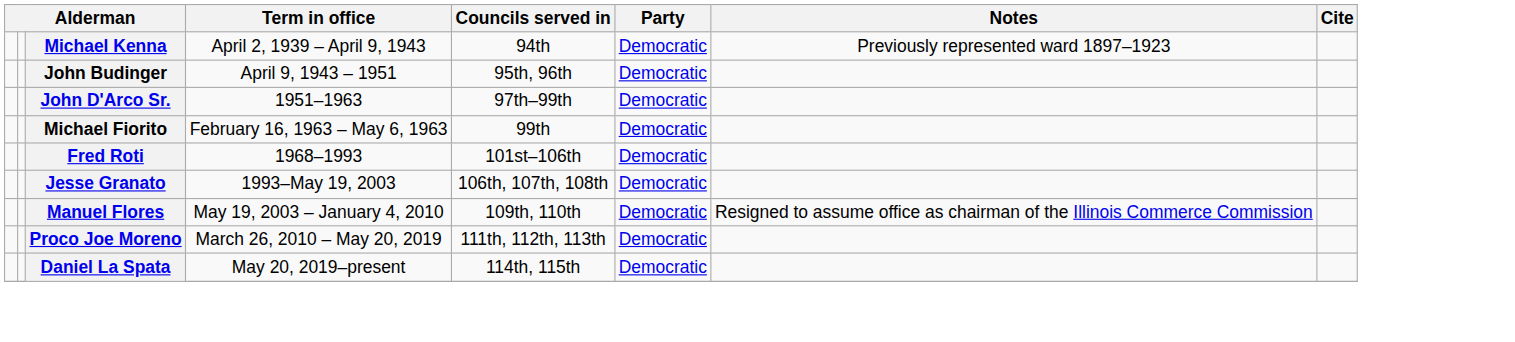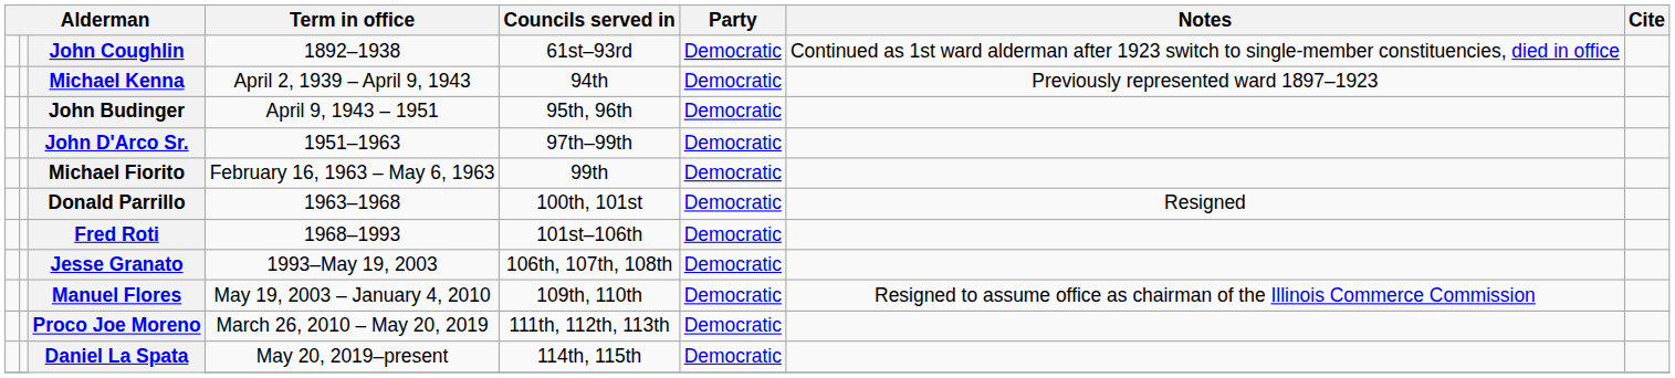 <table class="wikitable" style="text-align:center;">
 <tr>
 <th scope="col" colspan="3">Alderman</th>
 <th scope="col">Term in office</th>
 <th scope="col">Councils served in</th>
 <th scope="col">Party</th>
 <th scope="col">Notes</th>
 <th scope="col">Cite</th>
+</tr>
+<tr>
+<td> </td>
+<td></td>
+<th scope="row"><a href='#'>John Coughlin</a></th>
+<td>1892–1938</td>
+<td>61st–93rd</td>
+<td><a href='#'>Democratic</a></td>
+<td>Continued as 1st ward alderman after 1923 switch to single-member constituencies, <a href='#'>died in office</a></td>
+<td></td>
 </tr>
 <tr>
 <td> </td>
 <td></td>
 <th scope="row"><a href='#'>Michael Kenna</a></th>
 <td>April 2, 1939 – April 9, 1943</td>
 <td>94th</td>
 <td><a href='#'>Democratic</a></td>
 <td>Previously represented ward 1897–1923</td>
 <td></td>
 </tr>
 <tr>
 <td> </td>
 <td></td>
 <th scope="row">John Budinger</th>
 <td>April 9, 1943 – 1951</td>
 <td>95th, 96th</td>
 <td><a href='#'>Democratic</a></td>
 <td></td>
 <td></td>
 </tr>
 <tr>
 <td> </td>
 <td></td>
 <th scope="row"><a href='#'>John D'Arco Sr.</a></th>
 <td>1951–1963</td>
 <td>97th–99th</td>
 <td><a href='#'>Democratic</a></td>
 <td></td>
 <td></td>
 </tr>
 <tr>
 <td> </td>
 <td></td>
 <th scope="row">Michael Fiorito</th>
 <td>February 16, 1963 – May 6, 1963</td>
 <td>99th</td>
 <td><a href='#'>Democratic</a></td>
 <td></td>
+<td></td>
+</tr>
+<tr>
+<td> </td>
+<td></td>
+<th scope="row">Donald Parrillo</th>
+<td>1963–1968</td>
+<td>100th, 101st</td>
+<td><a href='#'>Democratic</a></td>
+<td>Resigned</td>
 <td></td>
 </tr>
 <tr>
 <td> </td>
 <td></td>
 <th scope="row"><a href='#'>Fred Roti</a></th>
 <td>1968–1993</td>
 <td>101st–106th</td>
 <td><a href='#'>Democratic</a></td>
 <td></td>
 <td></td>
 </tr>
 <tr>
 <td> </td>
 <td></td>
 <th scope="row"><a href='#'>Jesse Granato</a></th>
 <td>1993–May 19, 2003</td>
 <td>106th, 107th, 108th</td>
 <td><a href='#'>Democratic</a></td>
 <td></td>
 <td></td>
 </tr>
 <tr>
 <td> </td>
 <td></td>
 <th scope="row"><a href='#'>Manuel Flores</a></th>
 <td>May 19, 2003 – January 4, 2010</td>
 <td>109th, 110th</td>
 <td><a href='#'>Democratic</a></td>
 <td>Resigned to assume office as chairman of the <a href='#'>Illinois Commerce Commission</a></td>
 <td></td>
 </tr>
 <tr>
 <td> </td>
 <td></td>
 <th scope="row"><a href='#'>Proco Joe Moreno</a></th>
 <td>March 26, 2010 – May 20, 2019</td>
 <td>111th, 112th, 113th</td>
 <td><a href='#'>Democratic</a></td>
 <td></td>
 <td></td>
 </tr>
 <tr>
 <td> </td>
 <td></td>
 <th rowspan=3 scope="row"><a href='#'>Daniel La Spata</a></th>
 <td>May 20, 2019–present</td>
 <td>114th, 115th</td>
 <td><a href='#'>Democratic</a></td>
 <td></td>
 <td></td>
 </tr>
 <tr>
 </tr>
 </table>
